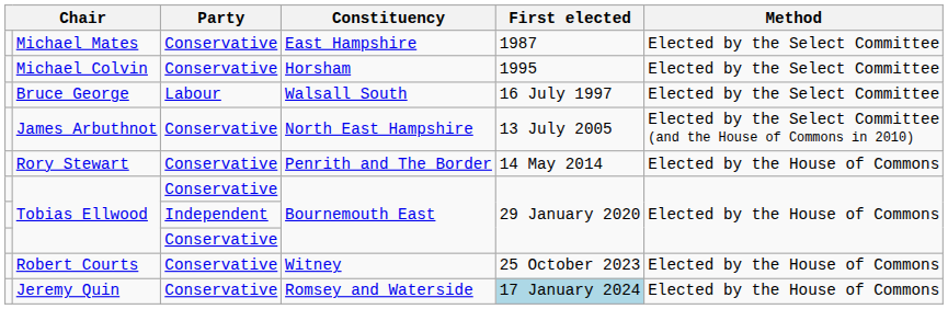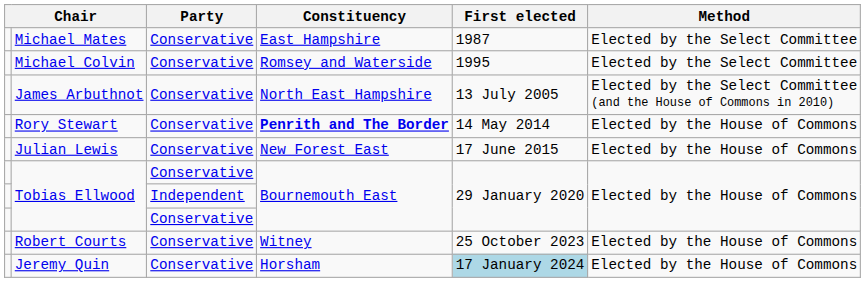 <table class="wikitable">
 <tr>
 <th colspan="2">Chair</th>
 <th>Party</th>
 <th>Constituency</th>
 <th>First elected</th>
 <th>Method</th>
 </tr>
 <tr>
 <td style="color:inherit;background-color: "></td>
 <td><a href='#'>Michael Mates</a></td>
 <td><a href='#'>Conservative</a></td>
 <td><a href='#'>East Hampshire</a></td>
 <td>1987</td>
 <td>Elected by the Select Committee</td>
 </tr>
 <tr>
 <td style="color:inherit;background-color: "></td>
 <td><a href='#'>Michael Colvin</a></td>
 <td><a href='#'>Conservative</a></td>
-<td><a href='#'>Horsham</a></td>
+<td><a href='#'>Romsey and Waterside</a></td>
 <td>1995</td>
-<td>Elected by the Select Committee</td>
-</tr>
-<tr>
-<td style="color:inherit;background-color: "></td>
-<td><a href='#'>Bruce George</a></td>
-<td><a href='#'>Labour</a></td>
-<td><a href='#'>Walsall South</a></td>
-<td>16 July 1997</td>
 <td>Elected by the Select Committee</td>
 </tr>
 <tr>
 <td style="color:inherit;background-color: "></td>
 <td><a href='#'>James Arbuthnot</a></td>
 <td><a href='#'>Conservative</a></td>
 <td><a href='#'>North East Hampshire</a></td>
 <td>13 July 2005</td>
 <td>Elected by the Select Committee<br><small>(and the House of Commons in 2010)</small></td>
 </tr>
 <tr>
 <td style="color:inherit;background-color: "></td>
 <td><a href='#'>Rory Stewart</a></td>
 <td><a href='#'>Conservative</a></td>
-<td><a href='#'>Penrith and The Border</a></td>
+<td><strong><a href='#'>Penrith and The Border</a></strong></td>
 <td>14 May 2014</td>
+<td>Elected by the House of Commons</td>
+</tr>
+<tr ->
+<td style="color:inherit;background-color: "></td>
+<td><a href='#'>Julian Lewis</a></td>
+<td><a href='#'>Conservative</a></td>
+<td><a href='#'>New Forest East</a></td>
+<td>17 June 2015</td>
 <td>Elected by the House of Commons</td>
 </tr>
 <tr>
 <td style="color:inherit;background-color: "></td>
 <td rowspan=3><a href='#'>Tobias Ellwood</a></td>
 <td><a href='#'>Conservative</a></td>
 <td rowspan=3><a href='#'>Bournemouth East</a></td>
 <td rowspan=3>29 January 2020</td>
 <td rowspan=3>Elected by the House of Commons</td>
 </tr>
 <tr>
 <td style="color:inherit;background-color: "></td>
 <td><a href='#'>Independent</a></td>
 </tr>
 <tr>
 <td style="color:inherit;background-color: "></td>
 <td><a href='#'>Conservative</a></td>
 </tr>
 <tr>
 <td style="color:inherit;background-color: "></td>
 <td><a href='#'>Robert Courts</a></td>
 <td><a href='#'>Conservative</a></td>
 <td><a href='#'>Witney</a></td>
 <td>25 October 2023</td>
 <td>Elected by the House of Commons</td>
 </tr>
 <tr>
 <td style="color:inherit;background-color: "></td>
 <td><a href='#'>Jeremy Quin</a></td>
 <td><a href='#'>Conservative</a></td>
-<td><a href='#'>Romsey and Waterside</a></td>
+<td><a href='#'>Horsham</a></td>
 <td style="background: lightblue;">17 January 2024</td>
 <td>Elected by the House of Commons</td>
 </tr>
 </table>
